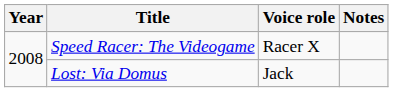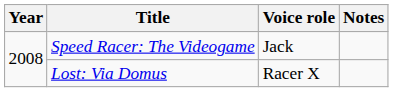 <table class="wikitable sortable">
 <tr>
 <th>Year</th>
 <th>Title</th>
 <th>Voice role</th>
 <th class="unsortable">Notes</th>
 </tr>
 <tr>
 <td rowspan=2>2008</td>
 <td><em><a href='#'>Speed Racer: The Videogame</a></em></td>
-<td>Racer X</td>
+<td>Jack</td>
 <td></td>
 </tr>
 <tr>
 <td><em><a href='#'>Lost: Via Domus</a></em></td>
-<td>Jack</td>
+<td>Racer X</td>
 <td></td>
 </tr>
 </table>
